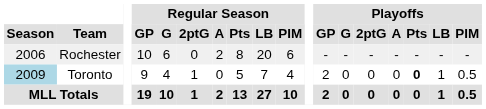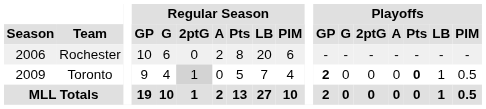 <table BORDER="0" CELLPADDING="3" CELLSPACING="0">
 <tr ALIGN="center" bgcolor="#e0e0e0">
 <th colspan="2" bgcolor="#ffffff"> </th>
 <th rowspan="99" bgcolor="#ffffff"> </th>
 <th colspan="7">Regular Season</th>
 <th rowspan="99" bgcolor="#ffffff"> </th>
 <th colspan="7">Playoffs</th>
 </tr>
 <tr ALIGN="center" bgcolor="#e0e0e0">
 <th>Season</th>
 <th>Team</th>
 <th>GP</th>
 <th>G</th>
 <th>2ptG</th>
 <th>A</th>
 <th>Pts</th>
 <th>LB</th>
 <th>PIM</th>
 <th>GP</th>
 <th>G</th>
 <th>2ptG</th>
 <th>A</th>
 <th>Pts</th>
 <th>LB</th>
 <th>PIM</th>
 </tr>
 <tr ALIGN="center" bgcolor="#f0f0f0">
 <td>2006</td>
 <td>Rochester</td>
 <td>10</td>
 <td>6</td>
 <td>0</td>
 <td>2</td>
 <td>8</td>
 <td>20</td>
 <td>6</td>
 <td>-</td>
 <td>-</td>
 <td>-</td>
 <td>-</td>
 <td>-</td>
 <td>-</td>
 <td>-</td>
 </tr>
 <tr ALIGN="center">
-<td style="background: lightblue;">2009</td>
+<td>2009</td>
 <td>Toronto</td>
 <td>9</td>
 <td>4</td>
-<td>1</td>
+<td style="background: lightgrey;">1</td>
 <td>0</td>
 <td>5</td>
 <td>7</td>
 <td>4</td>
-<td>2</td>
+<td><strong>2</strong></td>
 <td>0</td>
 <td>0</td>
 <td>0</td>
 <td><strong>0</strong></td>
 <td>1</td>
 <td>0.5</td>
 </tr>
 <tr ALIGN="center" bgcolor="#e0e0e0">
 <th colspan="2">MLL Totals</th>
 <th>19</th>
 <th>10</th>
 <th>1</th>
 <th>2</th>
 <th>13</th>
 <th>27</th>
 <th>10</th>
 <th>2</th>
 <th>0</th>
 <th>0</th>
 <th>0</th>
 <th>0</th>
 <th>1</th>
 <th>0.5</th>
 </tr>
 </table>
